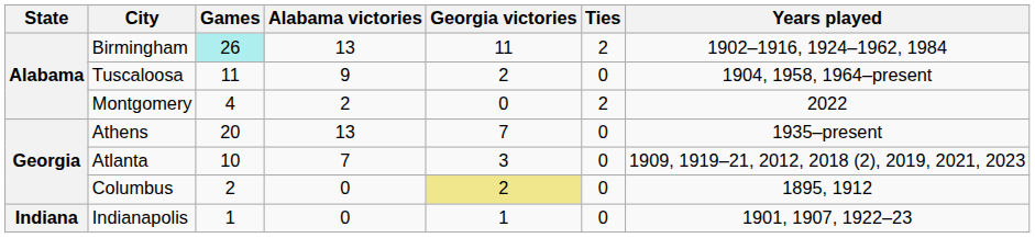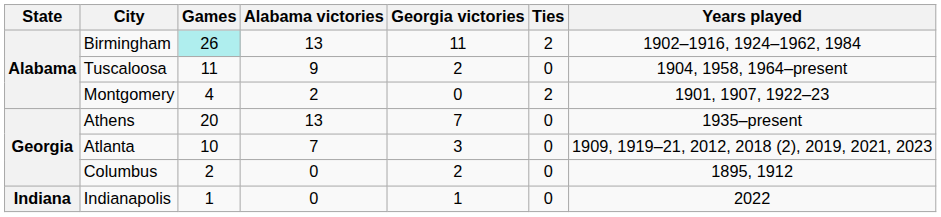 <table class="wikitable">
 <tr>
 <th>State</th>
 <th>City</th>
 <th>Games</th>
 <th>Alabama victories</th>
 <th>Georgia victories</th>
 <th>Ties</th>
 <th>Years played</th>
 </tr>
 <tr>
 <th rowspan="3">Alabama</th>
 <td>Birmingham</td>
 <td style="background: paleturquoise; text-align:center;">26</td>
 <td style="text-align:center;">13</td>
 <td style="text-align:center;">11</td>
 <td style="text-align:center;">2</td>
 <td style="text-align:center;">1902–1916, 1924–1962, 1984</td>
 </tr>
 <tr>
 <td>Tuscaloosa</td>
 <td style="text-align:center;">11</td>
 <td style="text-align:center;">9</td>
 <td style="text-align:center;">2</td>
 <td style="text-align:center;">0</td>
 <td style="text-align:center;">1904, 1958, 1964–present</td>
 </tr>
 <tr>
 <td>Montgomery</td>
 <td style="text-align:center;">4</td>
 <td style="text-align:center;">2</td>
 <td style="text-align:center;">0</td>
 <td style="text-align:center;">2</td>
-<td style="text-align:center;">2022</td>
+<td style="text-align:center;">1901, 1907, 1922–23</td>
 </tr>
 <tr>
 <th rowspan="3">Georgia</th>
 <td>Athens</td>
 <td style="text-align:center;">20</td>
 <td style="text-align:center;">13</td>
 <td style="text-align:center;">7</td>
 <td style="text-align:center;">0</td>
 <td style="text-align:center;">1935–present</td>
 </tr>
 <tr>
 <td>Atlanta</td>
 <td style="text-align:center;">10</td>
 <td style="text-align:center;">7</td>
 <td style="text-align:center;">3</td>
 <td style="text-align:center;">0</td>
 <td style="text-align:center;">1909, 1919–21, 2012, 2018 (2), 2019, 2021, 2023</td>
 </tr>
 <tr>
 <td>Columbus</td>
 <td style="text-align:center;">2</td>
 <td style="text-align:center;">0</td>
-<td style="background: khaki; text-align:center;">2</td>
+<td style="text-align:center;">2</td>
 <td style="text-align:center;">0</td>
 <td style="text-align:center;">1895, 1912</td>
 </tr>
 <tr>
 <th>Indiana</th>
 <td>Indianapolis</td>
 <td style="text-align:center;">1</td>
 <td style="text-align:center;">0</td>
 <td style="text-align:center;">1</td>
 <td style="text-align:center;">0</td>
-<td style="text-align:center;">1901, 1907, 1922–23</td>
+<td style="text-align:center;">2022</td>
 </tr>
 </table>
